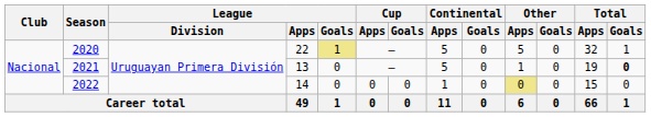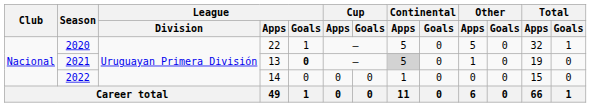 <table class="wikitable" Style="text-align: center">
 <tr>
 <th rowspan="2">Club</th>
 <th rowspan="2">Season</th>
 <th colspan="3">League</th>
 <th colspan="2">Cup</th>
 <th colspan="2">Continental</th>
 <th colspan="2">Other</th>
 <th colspan="2">Total</th>
 </tr>
 <tr>
 <th>Division</th>
 <th>Apps</th>
 <th>Goals</th>
 <th>Apps</th>
 <th>Goals</th>
 <th>Apps</th>
 <th>Goals</th>
 <th>Apps</th>
 <th>Goals</th>
 <th>Apps</th>
 <th>Goals</th>
 </tr>
 <tr>
 <td rowspan="3"><a href='#'>Nacional</a></td>
 <td><a href='#'>2020</a></td>
 <td rowspan="3"><a href='#'>Uruguayan Primera División</a></td>
 <td>22</td>
-<td style="background: khaki;">1</td>
+<td>1</td>
 <td colspan="2">—</td>
 <td>5</td>
 <td>0</td>
 <td>5</td>
 <td>0</td>
 <td>32</td>
 <td>1</td>
 </tr>
 <tr>
 <td><a href='#'>2021</a></td>
 <td>13</td>
-<td>0</td>
+<td><strong>0</strong></td>
 <td colspan="2">—</td>
-<td>5</td>
+<td style="background: lightgrey;">5</td>
 <td>0</td>
 <td>1</td>
 <td>0</td>
 <td>19</td>
-<td><strong>0</strong></td>
+<td>0</td>
 </tr>
 <tr>
 <td><a href='#'>2022</a></td>
 <td>14</td>
 <td>0</td>
 <td>0</td>
 <td>0</td>
 <td>1</td>
 <td>0</td>
-<td style="background: khaki;">0</td>
+<td>0</td>
 <td>0</td>
 <td>15</td>
 <td>0</td>
 </tr>
 <tr>
 <th colspan="3">Career total</th>
 <th>49</th>
 <th>1</th>
 <th>0</th>
 <th>0</th>
 <th>11</th>
 <th>0</th>
 <th>6</th>
 <th>0</th>
 <th>66</th>
 <th>1</th>
 </tr>
 </table>
